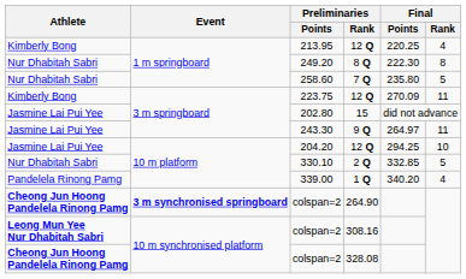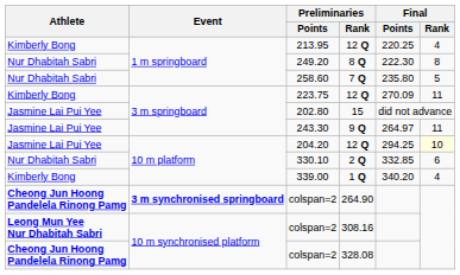 <table class="wikitable" style="font-size:90%;">
 <tr>
 <th rowspan=2>Athlete</th>
 <th rowspan=2>Event</th>
 <th colspan=2>Preliminaries</th>
 <th colspan=2>Final</th>
 </tr>
 <tr style="font-size:95%">
 <th>Points</th>
 <th>Rank</th>
 <th>Points</th>
 <th>Rank</th>
 </tr>
 <tr align=center>
 <td align=left><a href='#'>Kimberly Bong</a></td>
 <td align=left rowspan=3><a href='#'>1 m springboard</a></td>
 <td>213.95</td>
 <td>12 <strong>Q</strong></td>
 <td>220.25</td>
 <td>4</td>
 </tr>
 <tr align=center>
 <td align=left><a href='#'>Nur Dhabitah Sabri</a></td>
 <td>249.20</td>
 <td>8 <strong>Q</strong></td>
 <td>222.30</td>
 <td>8</td>
 </tr>
 <tr align=center>
 <td align=left><a href='#'>Nur Dhabitah Sabri</a></td>
 <td>258.60</td>
 <td>7 <strong>Q</strong></td>
 <td>235.80</td>
 <td>5</td>
 </tr>
 <tr align=center>
 <td align=left><a href='#'>Kimberly Bong</a></td>
 <td align=left rowspan=3><a href='#'>3 m springboard</a></td>
 <td>223.75</td>
 <td>12 <strong>Q</strong></td>
 <td>270.09</td>
 <td>11</td>
 </tr>
 <tr align=center>
 <td align=left><a href='#'>Jasmine Lai Pui Yee</a></td>
 <td>202.80</td>
 <td>15</td>
 <td colspan=2>did not advance</td>
 </tr>
 <tr align=center>
 <td align=left><a href='#'>Jasmine Lai Pui Yee</a></td>
 <td>243.30</td>
 <td>9 <strong>Q</strong></td>
 <td>264.97</td>
 <td>11</td>
 </tr>
 <tr align=center>
 <td align=left><a href='#'>Jasmine Lai Pui Yee</a></td>
 <td align=left rowspan=3><a href='#'>10 m platform</a></td>
 <td>204.20</td>
 <td>12 <strong>Q</strong></td>
 <td>294.25</td>
-<td>10</td>
+<td style="background: lightyellow;">10</td>
 </tr>
 <tr align=center>
 <td align=left><a href='#'>Nur Dhabitah Sabri</a></td>
 <td>330.10</td>
 <td>2 <strong>Q</strong></td>
 <td>332.85</td>
-<td>5</td>
+<td>6</td>
 </tr>
 <tr align=center>
-<td align=left><a href='#'>Pandelela Rinong Pamg</a></td>
+<td align=left><a href='#'>Kimberly Bong</a></td>
 <td>339.00</td>
 <td>1 <strong>Q</strong></td>
 <td>340.20</td>
 <td>4</td>
 </tr>
 <tr align=center>
 <td align=left><strong><a href='#'>Cheong Jun Hoong</a></strong><br><strong><a href='#'>Pandelela Rinong Pamg</a></strong></td>
 <td align=left><strong><a href='#'>3 m synchronised springboard</a></strong></td>
 <td>colspan=2 </td>
 <td>264.90</td>
 <td></td>
 </tr>
 <tr align=center>
 <td align=left><strong><a href='#'>Leong Mun Yee</a></strong><br><strong><a href='#'>Nur Dhabitah Sabri</a></strong></td>
 <td align=left rowspan=2><a href='#'>10 m synchronised platform</a></td>
 <td>colspan=2 </td>
 <td>308.16</td>
 <td></td>
 </tr>
 <tr align=center>
 <td align=left><strong><a href='#'>Cheong Jun Hoong</a></strong><br><strong><a href='#'>Pandelela Rinong Pamg</a></strong></td>
 <td>colspan=2 </td>
 <td>328.08</td>
 <td></td>
 </tr>
 </table>
